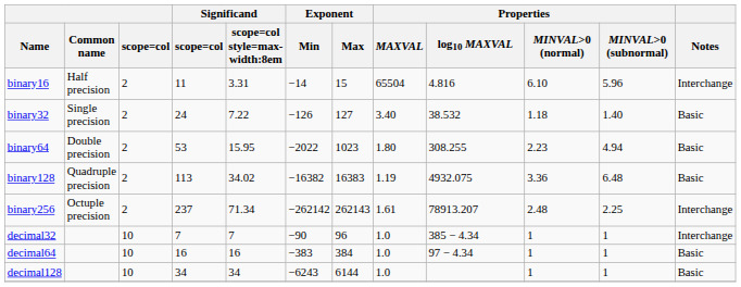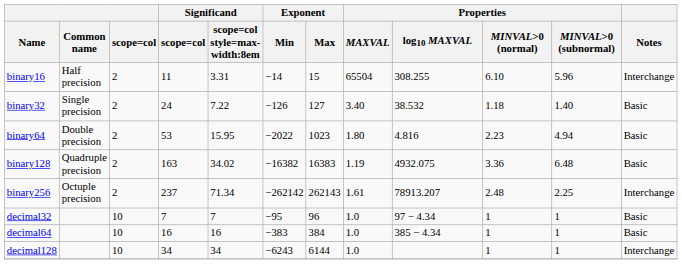 <table class="wikitable defaultright col1left col2left col3center col12left">
 <tr>
 <th scope=col colspan=3></th>
 <th scope=col colspan=2>Significand</th>
 <th scope=col colspan=2>Exponent</th>
 <th scope=col colspan=4>Properties</th>
 <th scope=col colspan=1></th>
 </tr>
 <tr>
 <th scope=col>Name</th>
 <th scope=col>Common name</th>
 <th>scope=col </th>
 <th>scope=col </th>
 <th>scope=col style=max-width:8em </th>
 <th scope=col>Min</th>
 <th scope=col>Max</th>
 <th scope=col><em>MAXVAL</em></th>
 <th scope=col style=min-width:8em>log<sub>10</sub> <em>MAXVAL</em></th>
 <th scope=col style=min-width:6em><em>MINVAL</em>>0<br>(normal)</th>
 <th scope=col style=min-width:6em><em>MINVAL</em>>0<br>(subnormal)</th>
 <th scope=col>Notes</th>
 </tr>
 <tr>
 <td><a href='#'>binary16</a></td>
 <td>Half precision</td>
 <td>2</td>
 <td>11</td>
 <td>3.31</td>
 <td>−14</td>
 <td>15</td>
 <td>65504</td>
-<td>4.816</td>
+<td>308.255</td>
 <td>6.10</td>
 <td>5.96</td>
 <td>Interchange</td>
 </tr>
 <tr>
 <td><a href='#'>binary32</a></td>
 <td>Single precision</td>
 <td>2</td>
 <td>24</td>
 <td>7.22</td>
 <td>−126</td>
 <td>127</td>
 <td>3.40</td>
 <td>38.532</td>
 <td>1.18</td>
 <td>1.40</td>
 <td>Basic</td>
 </tr>
 <tr>
 <td><a href='#'>binary64</a></td>
 <td>Double precision</td>
 <td>2</td>
 <td>53</td>
 <td>15.95</td>
 <td>−2022</td>
 <td>1023</td>
 <td>1.80</td>
-<td>308.255</td>
+<td>4.816</td>
 <td>2.23</td>
 <td>4.94</td>
 <td>Basic</td>
 </tr>
 <tr>
 <td><a href='#'>binary128</a></td>
 <td>Quadruple precision</td>
 <td>2</td>
-<td>113</td>
+<td>163</td>
 <td>34.02</td>
 <td>−16382</td>
 <td>16383</td>
 <td>1.19</td>
 <td>4932.075</td>
 <td>3.36</td>
 <td>6.48</td>
 <td>Basic</td>
 </tr>
 <tr>
 <td><a href='#'>binary256</a></td>
 <td>Octuple precision</td>
 <td>2</td>
 <td>237</td>
 <td>71.34</td>
 <td>−262142</td>
 <td>262143</td>
 <td>1.61</td>
 <td>78913.207</td>
 <td>2.48</td>
 <td>2.25</td>
 <td>Interchange</td>
 </tr>
 <tr>
 <td><a href='#'>decimal32</a></td>
 <td></td>
 <td>10</td>
 <td>7</td>
 <td>7</td>
-<td>−90</td>
+<td>−95</td>
 <td>96</td>
 <td>1.0</td>
-<td>385 − 4.34</td>
+<td>97 − 4.34</td>
 <td>1</td>
 <td>1</td>
-<td>Interchange</td>
+<td>Basic</td>
 </tr>
 <tr>
 <td><a href='#'>decimal64</a></td>
 <td></td>
 <td>10</td>
 <td>16</td>
 <td>16</td>
 <td>−383</td>
 <td>384</td>
 <td>1.0</td>
-<td>97 − 4.34</td>
+<td>385 − 4.34</td>
 <td>1</td>
 <td>1</td>
 <td>Basic</td>
 </tr>
 <tr>
 <td><a href='#'>decimal128</a></td>
 <td></td>
 <td>10</td>
 <td>34</td>
 <td>34</td>
 <td>−6243</td>
 <td>6144</td>
 <td>1.0</td>
 <td></td>
 <td>1</td>
 <td>1</td>
-<td>Basic</td>
+<td>Interchange</td>
 </tr>
 <tr>
 </tr>
 </table>
